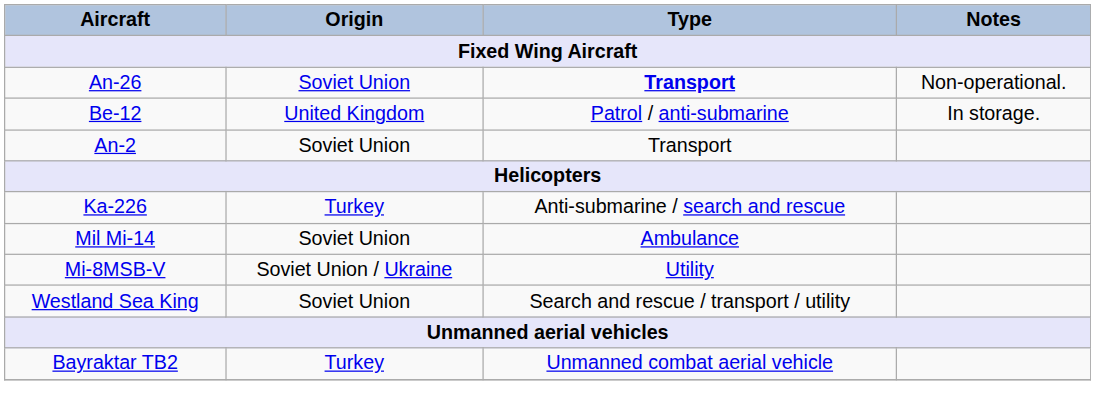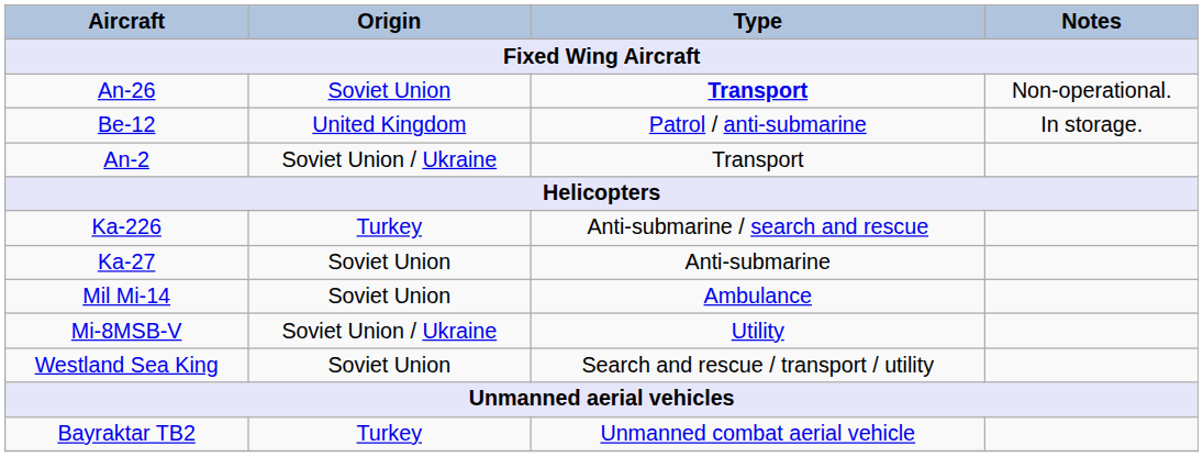 <table class="wikitable" style="width:100%; text-align:center">
 <tr>
 <th style="text-align: center; background: lightsteelblue;">Aircraft</th>
 <th style="text-align: center; background: lightsteelblue;">Origin</th>
 <th style="text-align: center; background: lightsteelblue;">Type</th>
 <th style="text-align: center; background: lightsteelblue;">Notes</th>
 </tr>
 <tr>
 <th style="align: center; background: lavender;" colspan="4">Fixed Wing Aircraft</th>
 </tr>
 <tr>
 <td><a href='#'>An-26</a></td>
 <td><a href='#'>Soviet Union</a></td>
 <td><strong><a href='#'>Transport</a></strong></td>
 <td>Non-operational.</td>
 </tr>
 <tr>
 <td><a href='#'>Be-12</a></td>
 <td><a href='#'>United Kingdom</a></td>
 <td><a href='#'>Patrol</a> / <a href='#'>anti-submarine</a></td>
 <td>In storage.</td>
 </tr>
 <tr>
 <td><a href='#'>An-2</a></td>
-<td>Soviet Union</td>
+<td>Soviet Union / <a href='#'>Ukraine</a></td>
 <td>Transport</td>
 <td></td>
 </tr>
 <tr>
 <th style="align: center; background: lavender;" colspan="4">Helicopters</th>
 </tr>
 <tr>
 <td><a href='#'>Ka-226</a></td>
 <td><a href='#'>Turkey</a></td>
 <td>Anti-submarine / <a href='#'>search and rescue</a></td>
+<td></td>
+</tr>
+<tr>
+<td><a href='#'>Ka-27</a></td>
+<td>Soviet Union</td>
+<td>Anti-submarine</td>
 <td></td>
 </tr>
 <tr>
 <td><a href='#'>Mil Mi-14</a></td>
 <td>Soviet Union</td>
 <td><a href='#'>Ambulance</a></td>
 <td></td>
 </tr>
 <tr>
 <td><a href='#'>Mi-8MSB-V</a></td>
 <td>Soviet Union / <a href='#'>Ukraine</a></td>
 <td><a href='#'>Utility</a></td>
 <td></td>
 </tr>
 <tr>
 <td><a href='#'>Westland Sea King</a></td>
 <td>Soviet Union</td>
 <td>Search and rescue / transport / utility</td>
 <td></td>
 </tr>
 <tr>
 <th style="align: center; background: lavender;" colspan="4">Unmanned aerial vehicles</th>
 </tr>
 <tr>
 <td><a href='#'>Bayraktar TB2</a></td>
 <td><a href='#'>Turkey</a></td>
 <td><a href='#'>Unmanned combat aerial vehicle</a></td>
 <td></td>
 </tr>
 <tr>
 </tr>
 </table>
